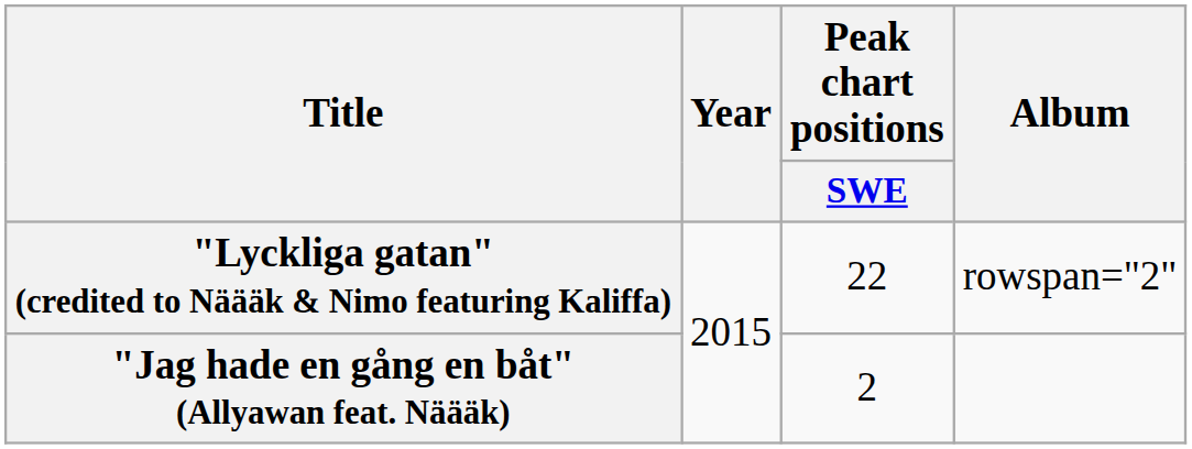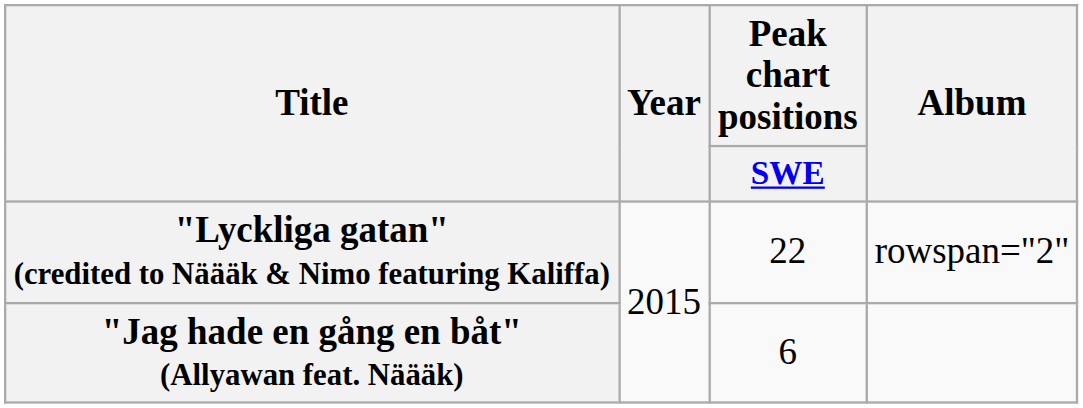 <table class="wikitable plainrowheaders" style="text-align:center">
 <tr>
 <th scope="col" rowspan="2">Title</th>
 <th scope="col" rowspan="2">Year</th>
 <th scope="col" colspan="1">Peak chart positions</th>
 <th scope="col" rowspan="2">Album</th>
 </tr>
 <tr>
 <th scope="col" style="width:3em;font-size:90%;"><a href='#'>SWE</a><br></th>
 </tr>
 <tr>
 <th scope="row">"Lyckliga gatan"<br><small>(credited to Näääk & Nimo featuring Kaliffa)</small></th>
 <td rowspan="2">2015</td>
 <td>22</td>
 <td>rowspan="2" </td>
 </tr>
 <tr>
 <th scope="row">"Jag hade en gång en båt"<br><small>(Allyawan feat. Näääk)</small></th>
-<td>2</td>
+<td>6</td>
 </tr>
 </table>
